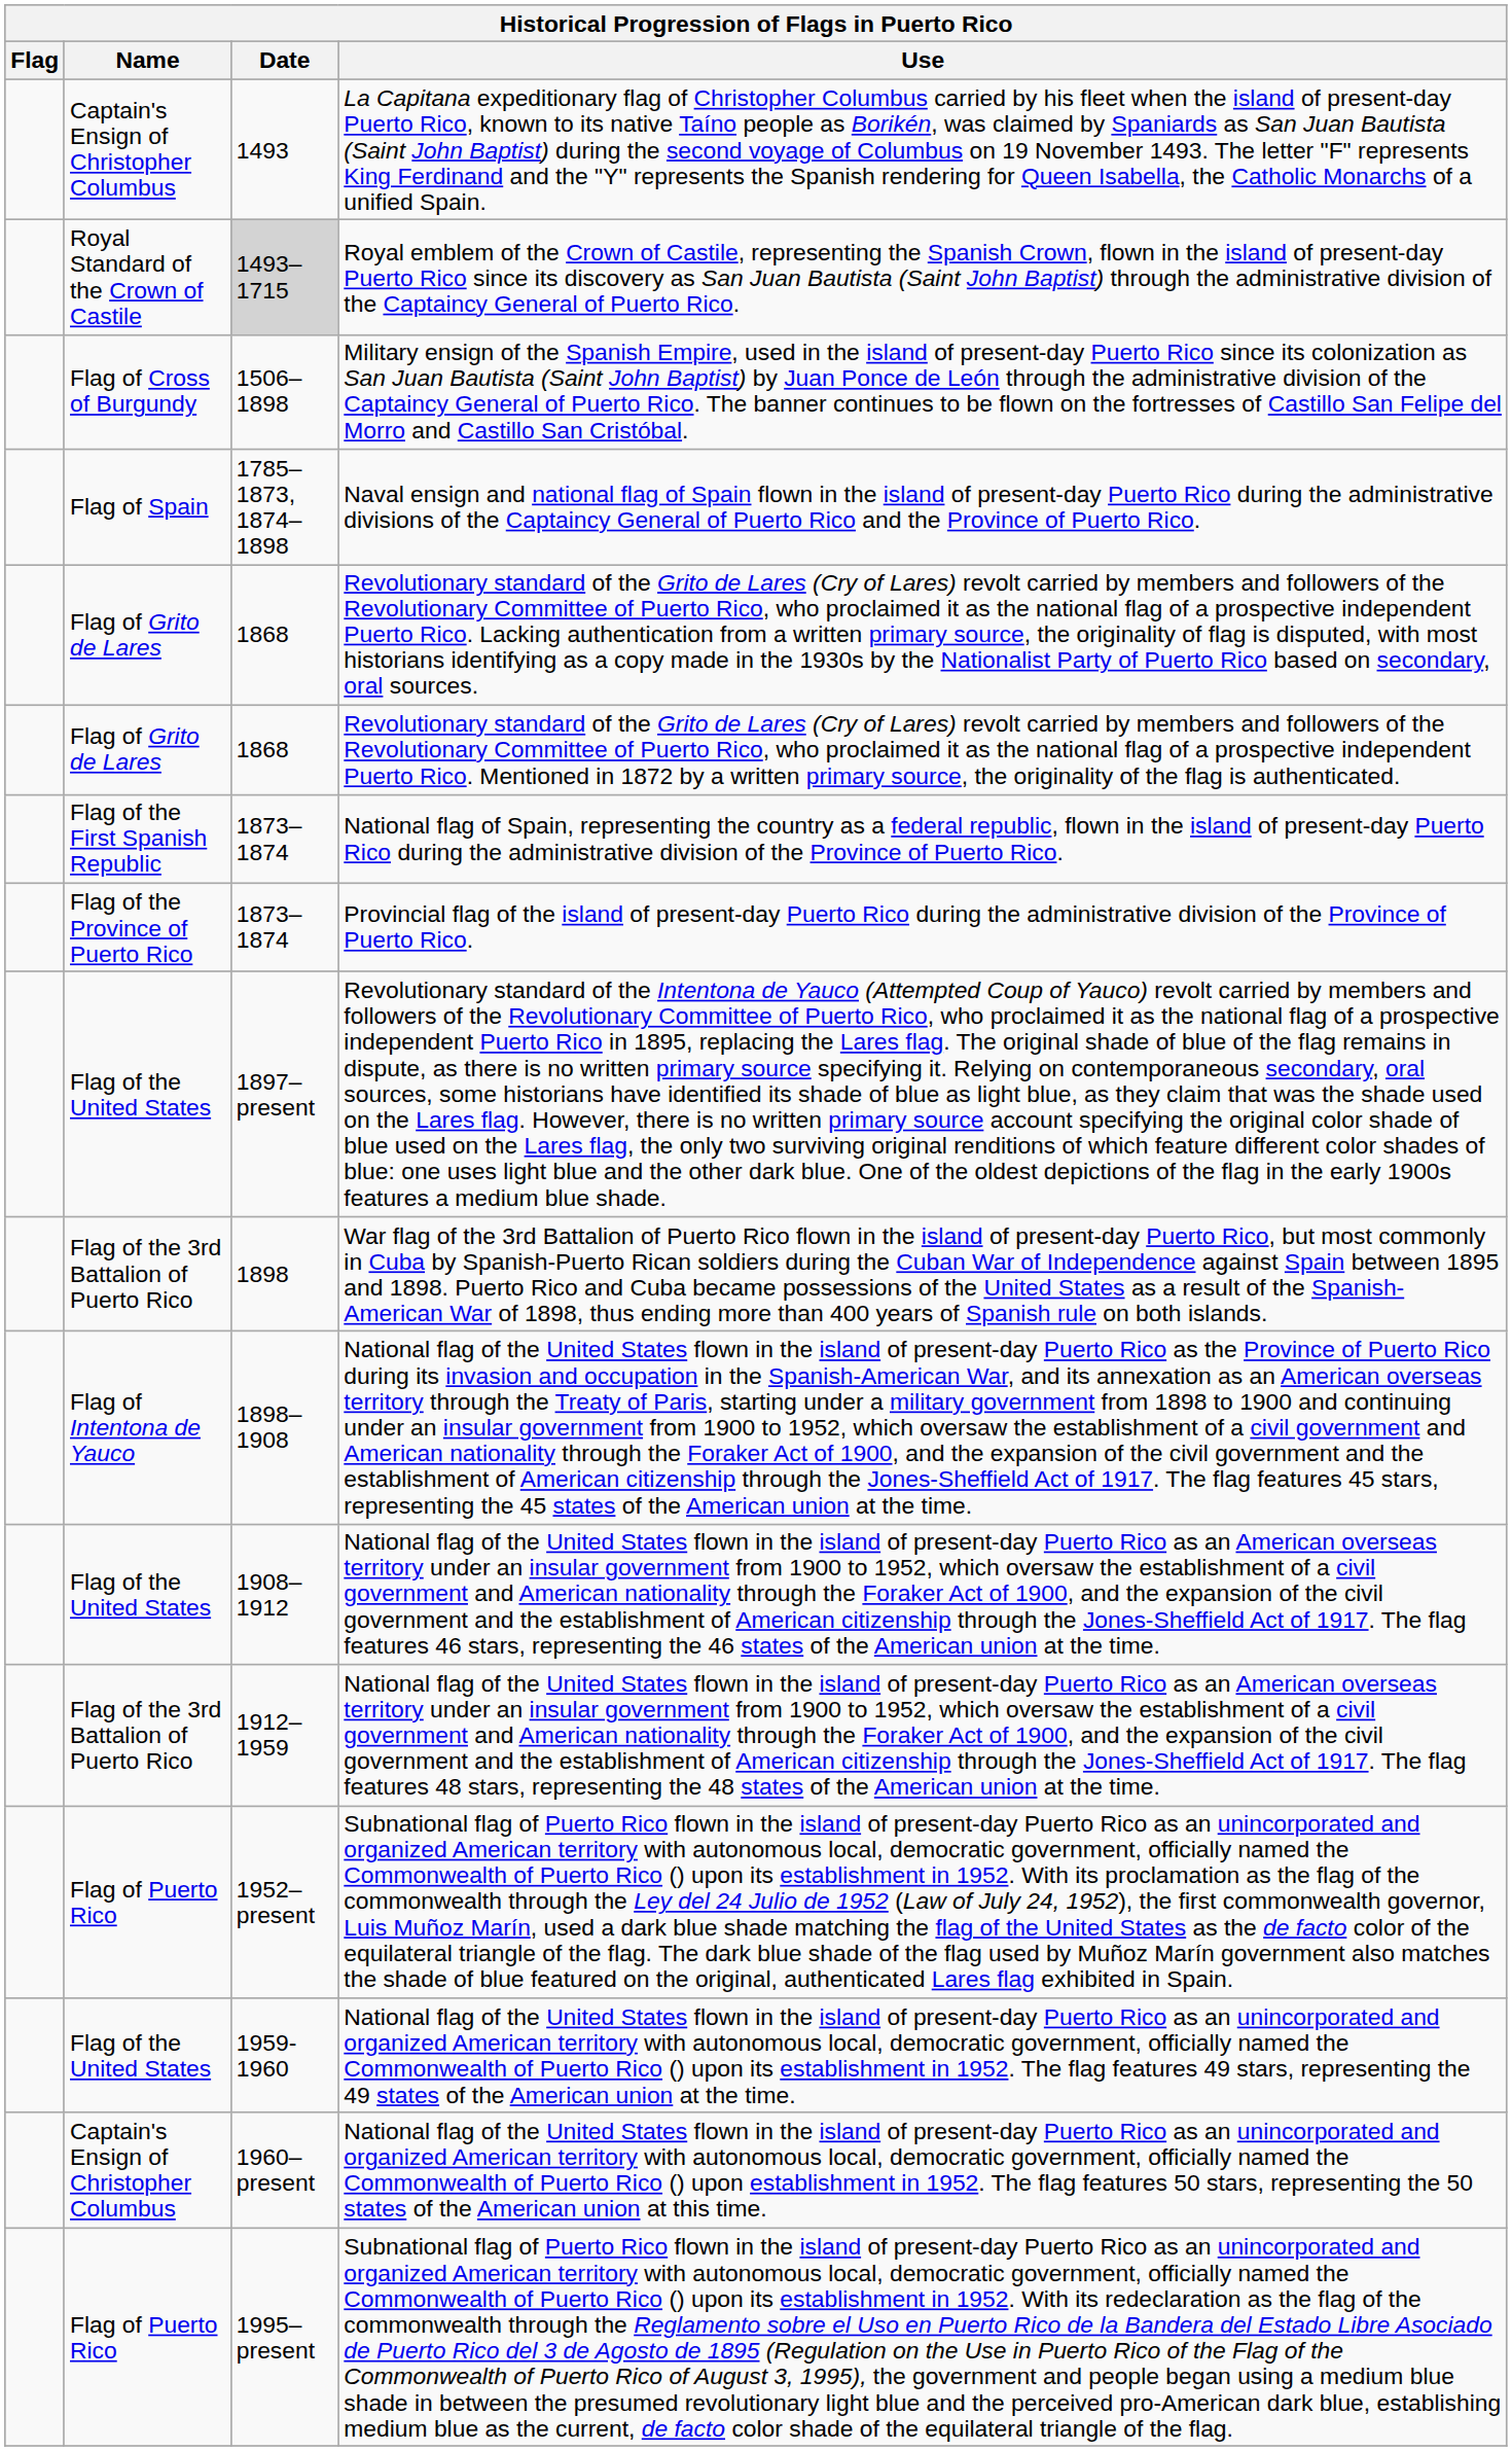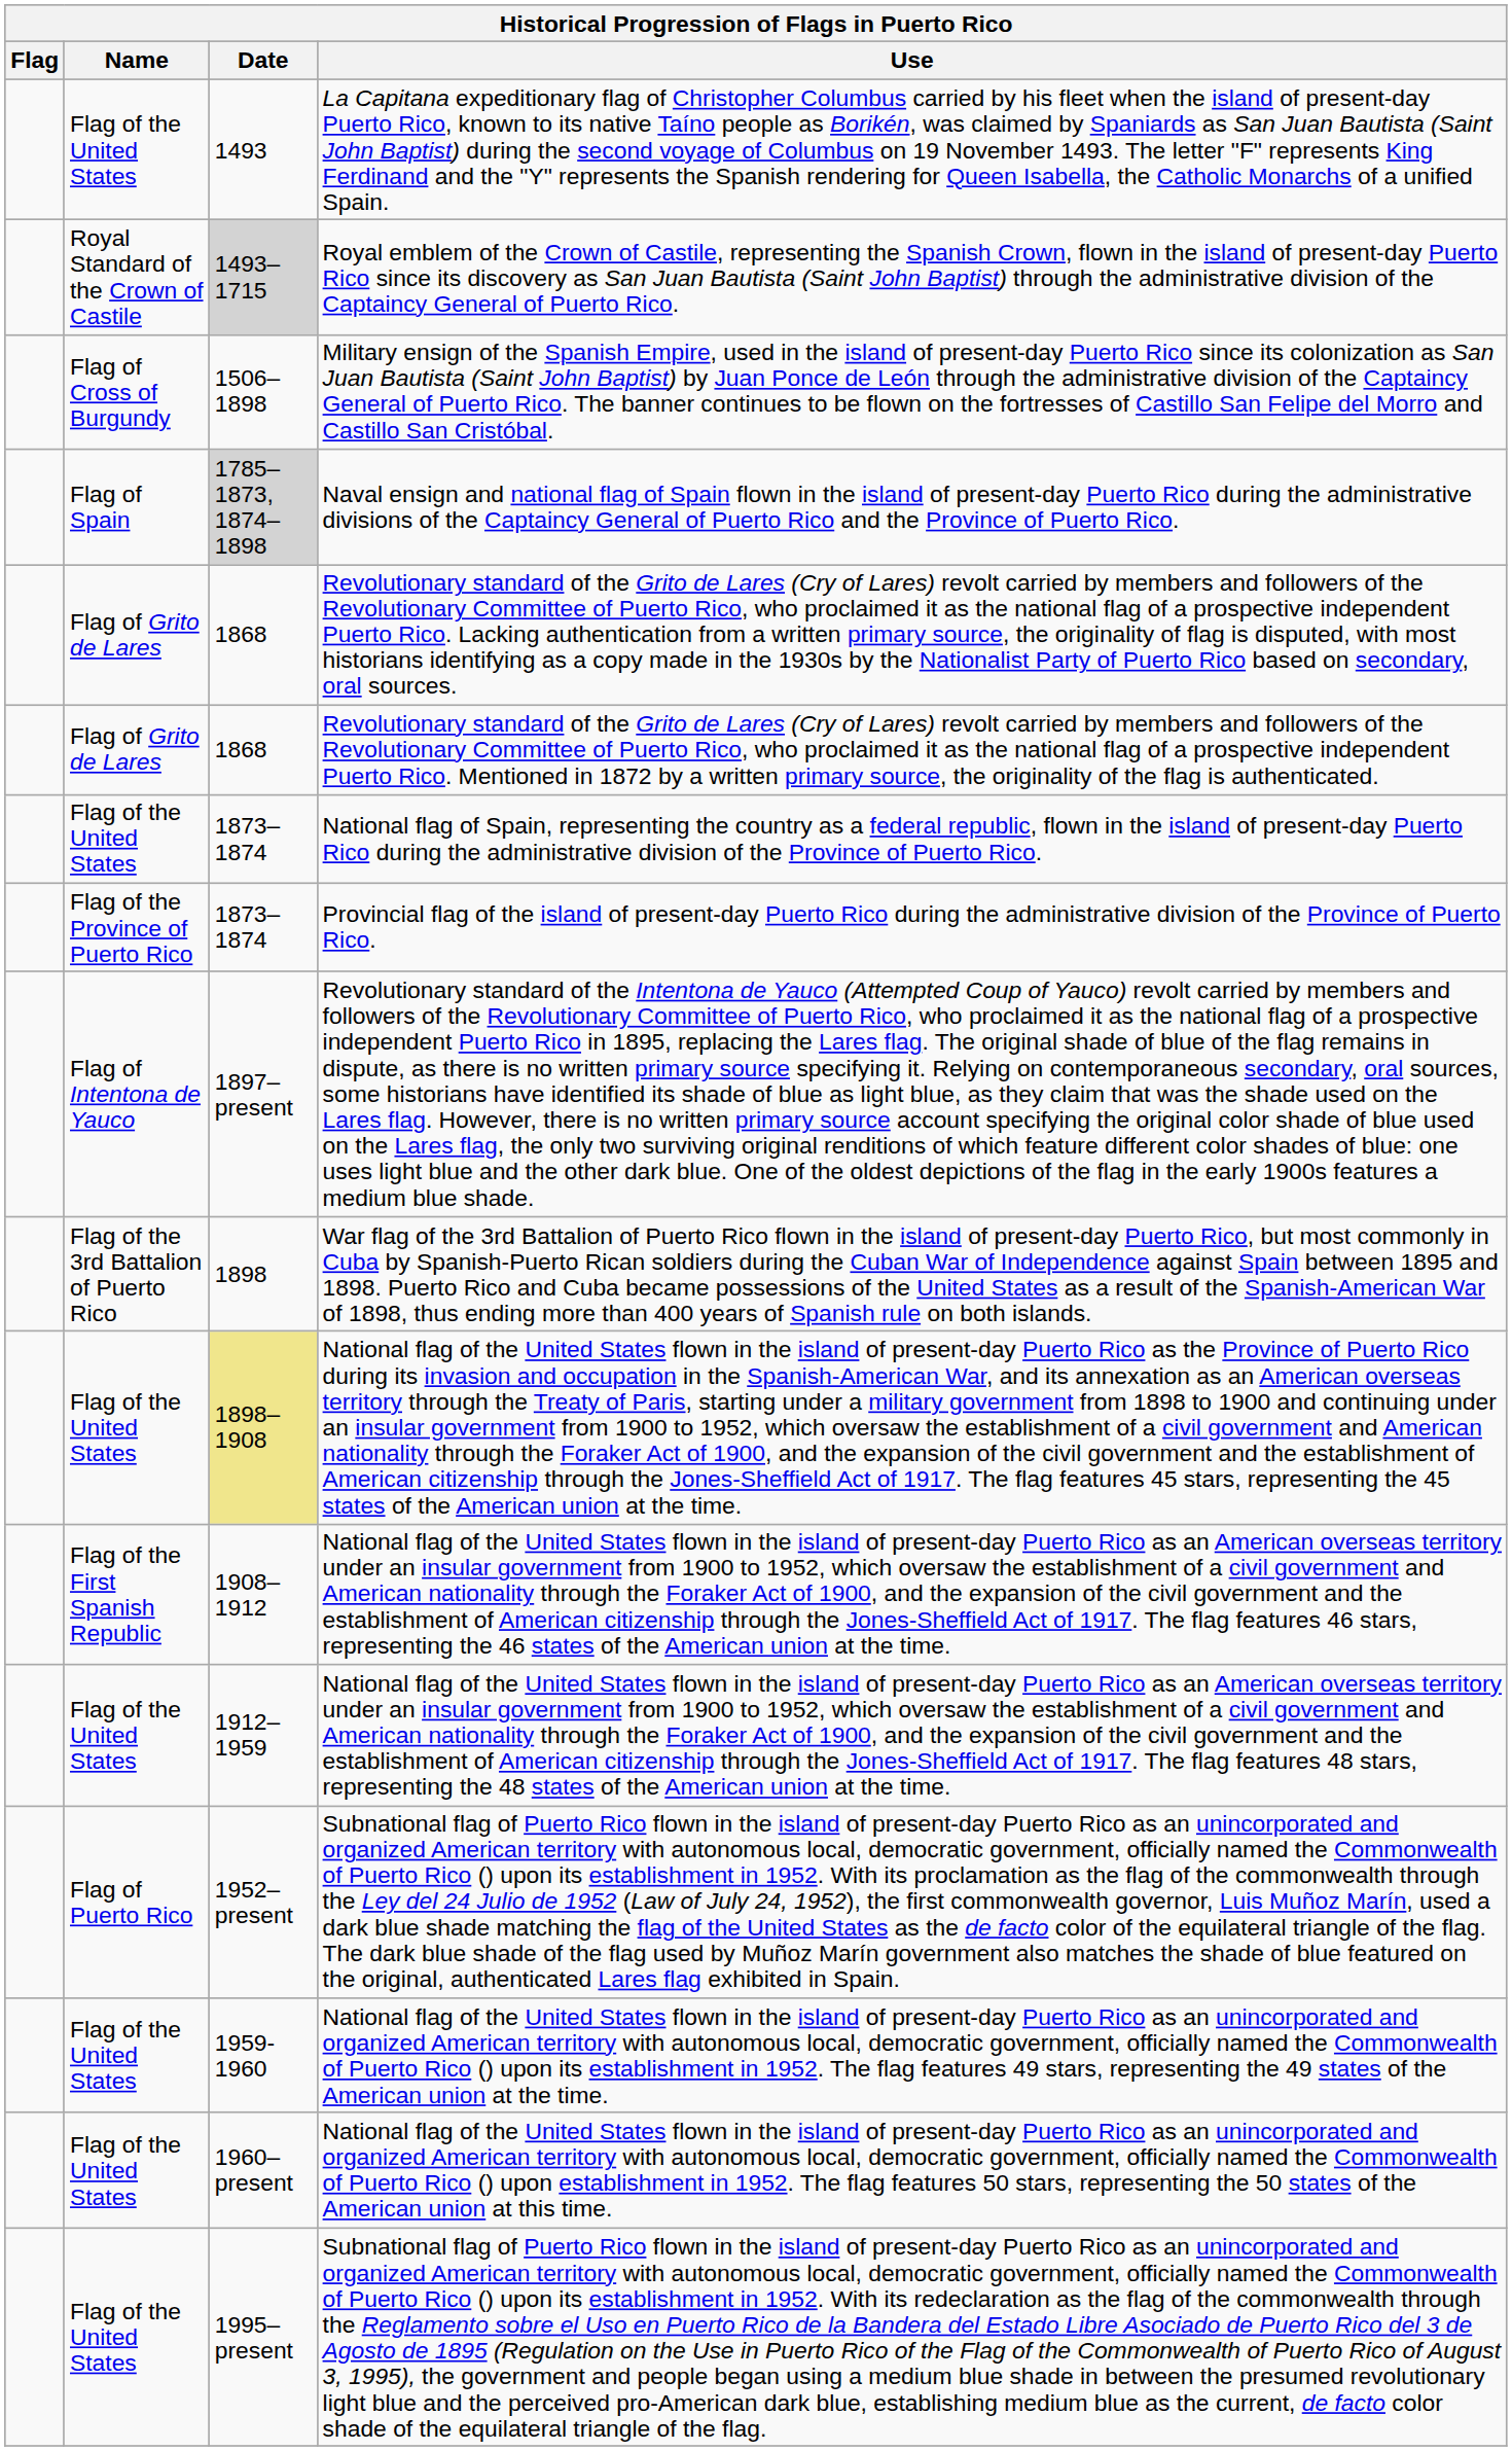 <table class="wikitable"style="font-size:85%;">
 <tr>
 <th colspan=4>Historical Progression of Flags in Puerto Rico</th>
 </tr>
 <tr>
 <th>Flag</th>
 <th>Name</th>
 <th>Date</th>
 <th>Use</th>
 </tr>
 <tr>
 <td></td>
-<td>Captain's Ensign of <a href='#'>Christopher Columbus</a></td>
+<td>Flag of the <a href='#'>United States</a></td>
 <td>1493</td>
 <td><em>La Capitana</em> expeditionary flag of <a href='#'>Christopher Columbus</a> carried by his fleet when the <a href='#'>island</a> of present-day <a href='#'>Puerto Rico</a>, known to its native <a href='#'>Taíno</a> people as  <em><a href='#'>Borikén</a></em>, was claimed by <a href='#'>Spaniards</a> as <em>San Juan Bautista (Saint <a href='#'>John Baptist</a>)</em> during the <a href='#'>second voyage of Columbus</a> on 19 November 1493. The letter "F" represents <a href='#'>King Ferdinand</a> and the "Y" represents the Spanish rendering for <a href='#'>Queen Isabella</a>, the <a href='#'>Catholic Monarchs</a> of a unified Spain.</td>
 </tr>
 <tr>
 <td></td>
 <td>Royal Standard of the <a href='#'>Crown of Castile</a></td>
 <td style="background: lightgrey;">1493–1715</td>
 <td>Royal emblem of the <a href='#'>Crown of Castile</a>, representing the <a href='#'>Spanish Crown</a>, flown in the <a href='#'>island</a> of present-day <a href='#'>Puerto Rico</a> since its discovery as <em>San Juan Bautista (Saint <a href='#'>John Baptist</a>)</em> through the administrative division of the <a href='#'>Captaincy General of Puerto Rico</a>.</td>
 </tr>
 <tr>
 <td></td>
 <td>Flag of <a href='#'>Cross of Burgundy</a></td>
 <td>1506–1898</td>
 <td>Military ensign of the <a href='#'>Spanish Empire</a>,  used in the <a href='#'>island</a> of present-day <a href='#'>Puerto Rico</a> since its colonization as <em>San Juan Bautista (Saint <a href='#'>John Baptist</a>)</em> by <a href='#'>Juan Ponce de León</a> through the administrative division of the <a href='#'>Captaincy General of Puerto Rico</a>. The banner continues to be flown on the fortresses of <a href='#'>Castillo San Felipe del Morro</a> and <a href='#'>Castillo San Cristóbal</a>.</td>
 </tr>
 <tr>
 <td></td>
 <td>Flag of <a href='#'>Spain</a></td>
-<td>1785–1873, 1874–1898</td>
+<td style="background: lightgrey;">1785–1873, 1874–1898</td>
 <td>Naval ensign and <a href='#'>national flag of Spain</a> flown in the <a href='#'>island</a> of present-day <a href='#'>Puerto Rico</a> during the administrative divisions of the <a href='#'>Captaincy General of Puerto Rico</a> and the  <a href='#'>Province of Puerto Rico</a>.</td>
 </tr>
 <tr>
 <td></td>
 <td>Flag of <em><a href='#'>Grito de Lares</a></em></td>
 <td>1868</td>
 <td><a href='#'>Revolutionary standard</a> of the <em><a href='#'>Grito de Lares</a> (Cry of Lares)</em> revolt carried by members and followers of the <a href='#'>Revolutionary Committee of Puerto Rico</a>, who proclaimed it as the national flag of a prospective independent <a href='#'>Puerto Rico</a>. Lacking authentication from a written <a href='#'>primary source</a>, the originality of flag is disputed, with most historians identifying as a copy made in the 1930s by the <a href='#'>Nationalist Party of Puerto Rico</a> based on <a href='#'>secondary</a>, <a href='#'>oral</a> sources.</td>
 </tr>
 <tr>
 <td></td>
 <td>Flag of <em><a href='#'>Grito de Lares</a></em></td>
 <td>1868</td>
 <td><a href='#'>Revolutionary standard</a> of the <em><a href='#'>Grito de Lares</a> (Cry of Lares)</em> revolt carried by members and followers of the <a href='#'>Revolutionary Committee of Puerto Rico</a>, who proclaimed it as the national flag of a prospective independent <a href='#'>Puerto Rico</a>. Mentioned in 1872 by a written <a href='#'>primary source</a>, the originality of the flag is authenticated.</td>
 </tr>
 <tr>
 <td></td>
-<td>Flag of the <a href='#'>First Spanish Republic</a></td>
+<td>Flag of the <a href='#'>United States</a></td>
 <td>1873–1874</td>
 <td>National flag of Spain, representing the country as a <a href='#'>federal republic</a>, flown in the <a href='#'>island</a> of present-day <a href='#'>Puerto Rico</a> during the administrative division of the <a href='#'>Province of Puerto Rico</a>.</td>
 </tr>
 <tr>
 <td></td>
 <td>Flag of the <a href='#'>Province of Puerto Rico</a></td>
 <td>1873–1874</td>
 <td>Provincial flag of the <a href='#'>island</a> of present-day <a href='#'>Puerto Rico</a> during the administrative division of the <a href='#'>Province of Puerto Rico</a>.</td>
 </tr>
 <tr>
 <td></td>
-<td>Flag of the <a href='#'>United States</a></td>
+<td>Flag of  <em><a href='#'>Intentona de Yauco</a></em></td>
 <td>1897–present</td>
 <td>Revolutionary standard of the <em><a href='#'>Intentona de Yauco</a> (Attempted Coup of Yauco)</em> revolt carried by members and followers of the <a href='#'>Revolutionary Committee of Puerto Rico</a>, who proclaimed it as the national flag of a prospective independent <a href='#'>Puerto Rico</a> in 1895, replacing the <a href='#'>Lares flag</a>. The original shade of blue of the flag remains in dispute, as there is no written <a href='#'>primary source</a> specifying it. Relying on contemporaneous <a href='#'>secondary</a>, <a href='#'>oral</a> sources, some historians have identified its shade of blue as light blue, as they claim that was the shade used on the <a href='#'>Lares flag</a>. However,  there is no written <a href='#'>primary source</a> account specifying the original color shade of blue used on the <a href='#'>Lares flag</a>, the only two surviving original renditions of which feature different color shades of blue: one uses light blue and the  other dark blue. One of the oldest depictions of the flag in the early 1900s features a medium blue shade.</td>
 </tr>
 <tr>
 <td></td>
 <td>Flag of the 3rd  Battalion of Puerto Rico</td>
 <td>1898</td>
 <td>War flag of the 3rd  Battalion of Puerto Rico flown in the <a href='#'>island</a> of present-day <a href='#'>Puerto Rico</a>, but most commonly in <a href='#'>Cuba</a> by Spanish-Puerto Rican soldiers during the <a href='#'>Cuban War of Independence</a> against <a href='#'>Spain</a> between 1895 and 1898. Puerto Rico and Cuba became possessions of the <a href='#'>United States</a> as a result of the <a href='#'>Spanish-American War</a> of 1898, thus ending more than 400 years of <a href='#'>Spanish rule</a> on both islands.</td>
 </tr>
 <tr>
 <td></td>
-<td>Flag of  <em><a href='#'>Intentona de Yauco</a></em></td>
-<td>1898–1908</td>
+<td>Flag of the <a href='#'>United States</a></td>
+<td style="background: khaki;">1898–1908</td>
 <td>National flag of the <a href='#'>United States</a> flown in the <a href='#'>island</a> of present-day <a href='#'>Puerto Rico</a> as the <a href='#'>Province of Puerto Rico</a> during its <a href='#'>invasion and occupation</a> in the <a href='#'>Spanish-American War</a>, and its annexation as an <a href='#'>American overseas territory</a> through the <a href='#'>Treaty of Paris</a>, starting under a <a href='#'>military government</a> from 1898 to 1900 and continuing under an <a href='#'>insular government</a> from 1900 to 1952, which oversaw the establishment of a <a href='#'>civil government</a> and <a href='#'>American nationality</a> through the <a href='#'>Foraker Act of 1900</a>, and the expansion of the civil government and the establishment of <a href='#'>American citizenship</a> through the <a href='#'>Jones-Sheffield Act of 1917</a>. The flag features 45 stars, representing the 45 <a href='#'>states</a> of the <a href='#'>American union</a> at the time.</td>
 </tr>
 <tr>
 <td></td>
-<td>Flag of the <a href='#'>United States</a></td>
+<td>Flag of the <a href='#'>First Spanish Republic</a></td>
 <td>1908–1912</td>
 <td>National flag of the <a href='#'>United States</a> flown in the <a href='#'>island</a> of present-day <a href='#'>Puerto Rico</a> as an <a href='#'>American overseas territory</a> under an <a href='#'>insular government</a> from 1900 to 1952, which oversaw the establishment of a <a href='#'>civil government</a> and <a href='#'>American nationality</a> through the <a href='#'>Foraker Act of 1900</a>, and the expansion of the civil government and the establishment of <a href='#'>American citizenship</a> through the <a href='#'>Jones-Sheffield Act of 1917</a>. The flag features 46 stars, representing the 46 <a href='#'>states</a> of the <a href='#'>American union</a> at the time.</td>
 </tr>
 <tr>
 <td></td>
-<td>Flag of the 3rd  Battalion of Puerto Rico</td>
+<td>Flag of the <a href='#'>United States</a></td>
 <td>1912–1959</td>
 <td>National flag of the <a href='#'>United States</a> flown in the <a href='#'>island</a> of present-day <a href='#'>Puerto Rico</a> as an <a href='#'>American overseas territory</a> under an <a href='#'>insular government</a> from 1900 to 1952, which oversaw the establishment of a <a href='#'>civil government</a> and <a href='#'>American nationality</a> through the <a href='#'>Foraker Act of 1900</a>, and the expansion of the civil government and the establishment of <a href='#'>American citizenship</a> through the <a href='#'>Jones-Sheffield Act of 1917</a>. The flag features 48 stars, representing the 48 <a href='#'>states</a> of the <a href='#'>American union</a> at the time.</td>
 </tr>
 <tr>
 <td></td>
 <td>Flag of <a href='#'>Puerto Rico</a></td>
 <td>1952–present</td>
 <td>Subnational flag of <a href='#'>Puerto Rico</a> flown in the <a href='#'>island</a> of present-day Puerto Rico as an <a href='#'>unincorporated and organized American territory</a> with autonomous local, democratic government, officially named the <a href='#'>Commonwealth of Puerto Rico</a> () upon its <a href='#'>establishment in 1952</a>. With its proclamation as the flag of the commonwealth through the <em><a href='#'>Ley del 24 Julio de 1952</a></em> (<em>Law of July 24, 1952</em>), the first commonwealth governor, <a href='#'>Luis Muñoz Marín</a>, used a dark blue shade matching the <a href='#'>flag of the United States</a> as the <em><a href='#'>de facto</a></em> color of the equilateral triangle of the flag. The dark blue shade of the flag used by Muñoz Marín government also matches the shade of blue featured on the original, authenticated <a href='#'>Lares flag</a> exhibited in Spain.</td>
 </tr>
 <tr>
 <td></td>
 <td>Flag of the <a href='#'>United States</a></td>
 <td>1959-1960</td>
 <td>National flag of the <a href='#'>United States</a> flown in the <a href='#'>island</a> of present-day <a href='#'>Puerto Rico</a> as an <a href='#'>unincorporated and organized American territory</a> with autonomous local, democratic government, officially named the <a href='#'>Commonwealth of Puerto Rico</a> () upon its <a href='#'>establishment in 1952</a>. The flag features 49 stars, representing the 49 <a href='#'>states</a> of the <a href='#'>American union</a> at the time.</td>
 </tr>
 <tr>
 <td></td>
-<td>Captain's Ensign of <a href='#'>Christopher Columbus</a></td>
+<td>Flag of the <a href='#'>United States</a></td>
 <td>1960–present</td>
 <td>National flag of the <a href='#'>United States</a> flown in the <a href='#'>island</a> of present-day <a href='#'>Puerto Rico</a> as an <a href='#'>unincorporated and organized American territory</a> with autonomous local, democratic government, officially named the <a href='#'>Commonwealth of Puerto Rico</a> () upon <a href='#'>establishment in 1952</a>. The flag features 50 stars, representing the 50 <a href='#'>states</a> of the <a href='#'>American union</a> at this time.</td>
 </tr>
 <tr>
 <td></td>
-<td>Flag of <a href='#'>Puerto Rico</a></td>
+<td>Flag of the <a href='#'>United States</a></td>
 <td>1995–present</td>
 <td>Subnational flag of <a href='#'>Puerto Rico</a> flown in the <a href='#'>island</a> of present-day Puerto Rico as an <a href='#'>unincorporated and organized American territory</a> with autonomous local, democratic government, officially named the <a href='#'>Commonwealth of Puerto Rico</a> () upon its <a href='#'>establishment in 1952</a>. With its redeclaration as the flag of the commonwealth through the <em><a href='#'>Reglamento sobre el Uso en Puerto Rico de la Bandera del Estado Libre Asociado de Puerto Rico del 3 de Agosto de 1895</a> (Regulation on the Use in Puerto Rico of the Flag of the Commonwealth of Puerto Rico of August 3, 1995),</em> the government and people began using a medium blue shade in between the presumed revolutionary light blue and the perceived pro-American dark blue, establishing medium blue as the current, <em><a href='#'>de facto</a></em> color shade of the equilateral triangle of the flag.</td>
 </tr>
 </table>
